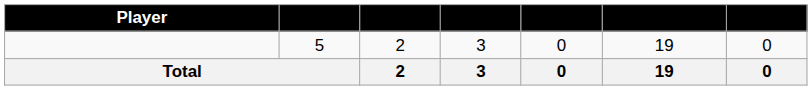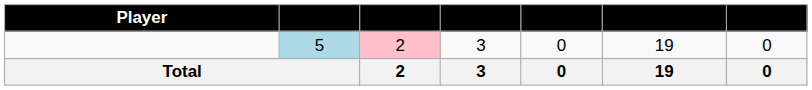 <table class="wikitable sortable" style="width:60%; text-align:center;">
 <tr>
 <th style="color:white; background:#000000; ">Player</th>
 <th style="color:white; background:#000000; "></th>
 <th style="color:white; background:#000000; "></th>
 <th style="color:white; background:#000000; "></th>
 <th style="color:white; background:#000000; "></th>
 <th style="color:white; background:#000000; "></th>
 <th style="color:white; background:#000000; "></th>
 </tr>
 <tr>
 <td></td>
-<td>5</td>
-<td>2</td>
+<td style="background: lightblue;">5</td>
+<td style="background: pink;">2</td>
 <td>3</td>
 <td>0</td>
 <td>19</td>
 <td>0</td>
 </tr>
 <tr class="sortbottom">
 <th colspan=2>Total</th>
 <th>2</th>
 <th>3</th>
 <th>0</th>
 <th>19</th>
 <th>0</th>
 </tr>
 </table>
